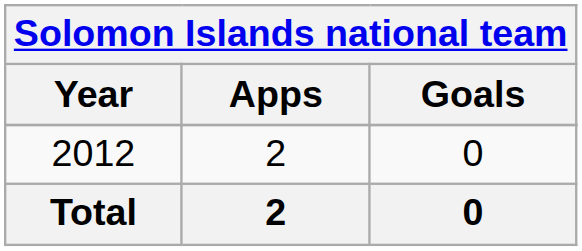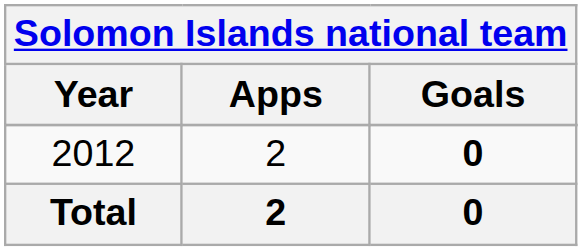 <table class="wikitable" style="text-align:center">
 <tr>
 <th colspan=3><a href='#'>Solomon Islands national team</a></th>
 </tr>
 <tr>
 <th>Year</th>
 <th>Apps</th>
 <th>Goals</th>
 </tr>
 <tr>
 </tr>
 <tr>
 <td>2012</td>
 <td>2</td>
-<td>0</td>
+<td><strong>0</strong></td>
 </tr>
 <tr>
 <th>Total</th>
 <th>2</th>
 <th>0</th>
 </tr>
 </table>
